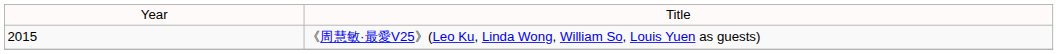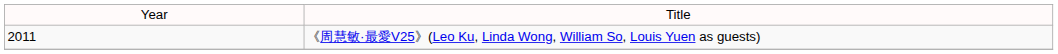 <table class="wikitable" width="100%">
 <tr style="background:snow; color:black" align=center>
 <td style="width:10%">Year</td>
 <td style="width:25%">Title</td>
 </tr>
 <tr ---->
-<td rowspan="1" width="10%">2015</td>
+<td rowspan="1" width="10%">2011</td>
 <td>《<a href='#'>周慧敏·最愛V25</a>》(<a href='#'>Leo Ku</a>, <a href='#'>Linda Wong</a>, <a href='#'>William So</a>, <a href='#'>Louis Yuen</a> as guests)</td>
 </tr>
 <tr ---->
 </tr>
 </table>
